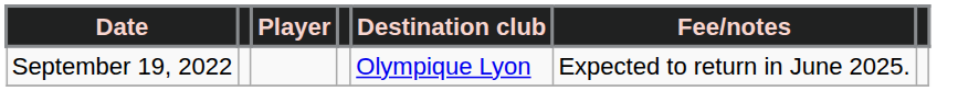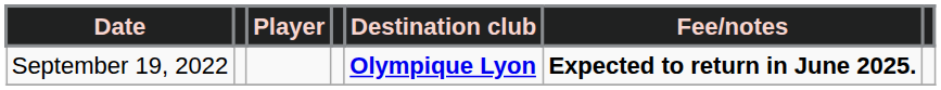 <table class="wikitable sortable" style="font-size:90%;">
 <tr>
 <th style="background:#202121; color:#F7D5CF; border:2px solid #898C8F;" scope="col" data-sort-type="date">Date</th>
 <th style="background:#202121; color:#F7D5CF; border:2px solid #898C8F;" scope="col"></th>
 <th style="background:#202121; color:#F7D5CF; border:2px solid #898C8F;" scope="col">Player</th>
 <th style="background:#202121; color:#F7D5CF; border:2px solid #898C8F;" scope="col"></th>
 <th style="background:#202121; color:#F7D5CF; border:2px solid #898C8F;" scope="col">Destination club</th>
 <th style="background:#202121; color:#F7D5CF; border:2px solid #898C8F;" scope="col">Fee/notes</th>
 <th style="background:#202121; color:#F7D5CF; border:2px solid #898C8F;" scope="col"></th>
 </tr>
 <tr>
 <td>September 19, 2022</td>
 <td></td>
 <td></td>
 <td></td>
-<td> <a href='#'>Olympique Lyon</a></td>
-<td>Expected to return in June 2025.</td>
+<td><strong> <a href='#'>Olympique Lyon</a></strong></td>
+<td><strong>Expected to return in June 2025.</strong></td>
 <td></td>
 </tr>
 <tr>
 </tr>
 </table>
